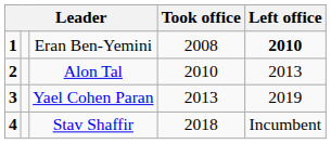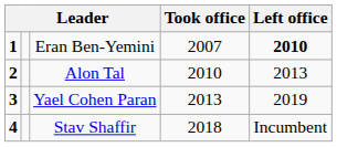 <table class=wikitable style=text-align:center>
 <tr>
 <th colspan="3">Leader</th>
 <th>Took office</th>
 <th>Left office</th>
 </tr>
 <tr>
 <td style="background: "><strong>1</strong></td>
 <td></td>
 <td>Eran Ben-Yemini</td>
-<td>2008</td>
+<td>2007</td>
 <td><strong>2010</strong></td>
 </tr>
 <tr>
 <td style="background: "><strong>2</strong></td>
 <td></td>
 <td><a href='#'>Alon Tal</a></td>
 <td>2010</td>
 <td>2013</td>
 </tr>
 <tr>
 <td style="background: "><strong>3</strong></td>
 <td></td>
 <td><a href='#'>Yael Cohen Paran</a></td>
 <td>2013</td>
 <td>2019</td>
 </tr>
 <tr>
 <td style="background: "><strong>4</strong></td>
 <td></td>
 <td><a href='#'>Stav Shaffir</a></td>
 <td>2018</td>
 <td>Incumbent</td>
 </tr>
 </table>
